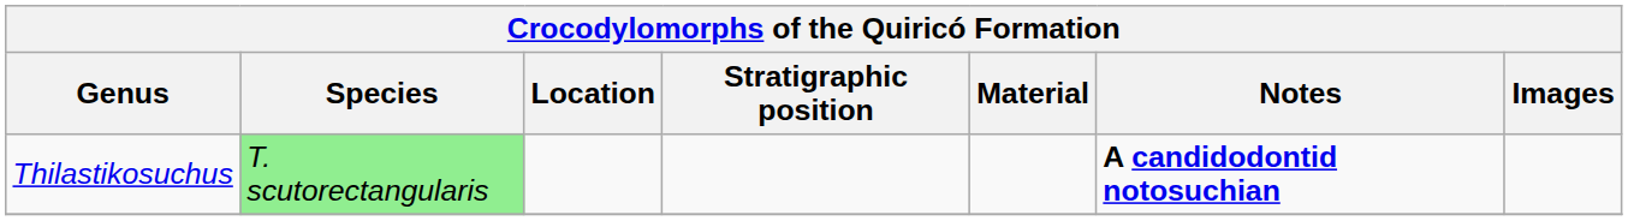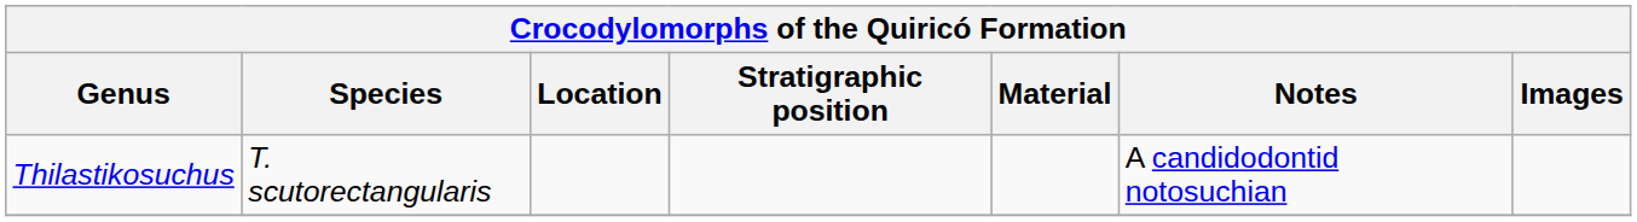 <table class="wikitable" align="center">
 <tr>
 <th colspan="7" align="center"><a href='#'>Crocodylomorphs</a> of the Quiricó Formation</th>
 </tr>
 <tr>
 <th>Genus</th>
 <th>Species</th>
 <th>Location</th>
 <th>Stratigraphic position</th>
 <th>Material</th>
 <th>Notes</th>
 <th>Images</th>
 </tr>
 <tr>
 <td><em><a href='#'>Thilastikosuchus</a></em></td>
-<td style="background: lightgreen;"><em>T. scutorectangularis</em></td>
+<td><em>T. scutorectangularis</em></td>
 <td></td>
 <td></td>
 <td></td>
-<td><strong>A <a href='#'>candidodontid</a> <a href='#'>notosuchian</a></strong></td>
+<td>A <a href='#'>candidodontid</a> <a href='#'>notosuchian</a></td>
 <td></td>
 </tr>
 <tr>
 </tr>
 </table>
